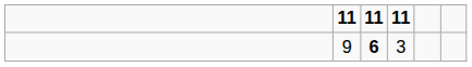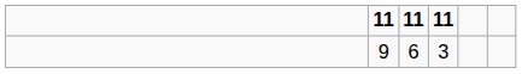 <table class="wikitable">
 <tr>
 <td style="width:18em"><strong></strong></td>
 <td align=center style="width:1em"><strong>11</strong></td>
 <td align=center style="width:1em"><strong>11</strong></td>
 <td align=center style="width:1em"><strong>11</strong></td>
 <td align=center style="width:1em"></td>
 <td align=center style="width:1em"></td>
 </tr>
 <tr>
 <td style="width:18em"></td>
 <td align=center style="width:1em">9</td>
-<td align=center style="width:1em"><strong>6</strong></td>
+<td align=center style="width:1em">6</td>
 <td align=center style="width:1em">3</td>
 <td align=center style="width:1em"></td>
 <td align=center style="width:1em"></td>
 </tr>
 </table>
